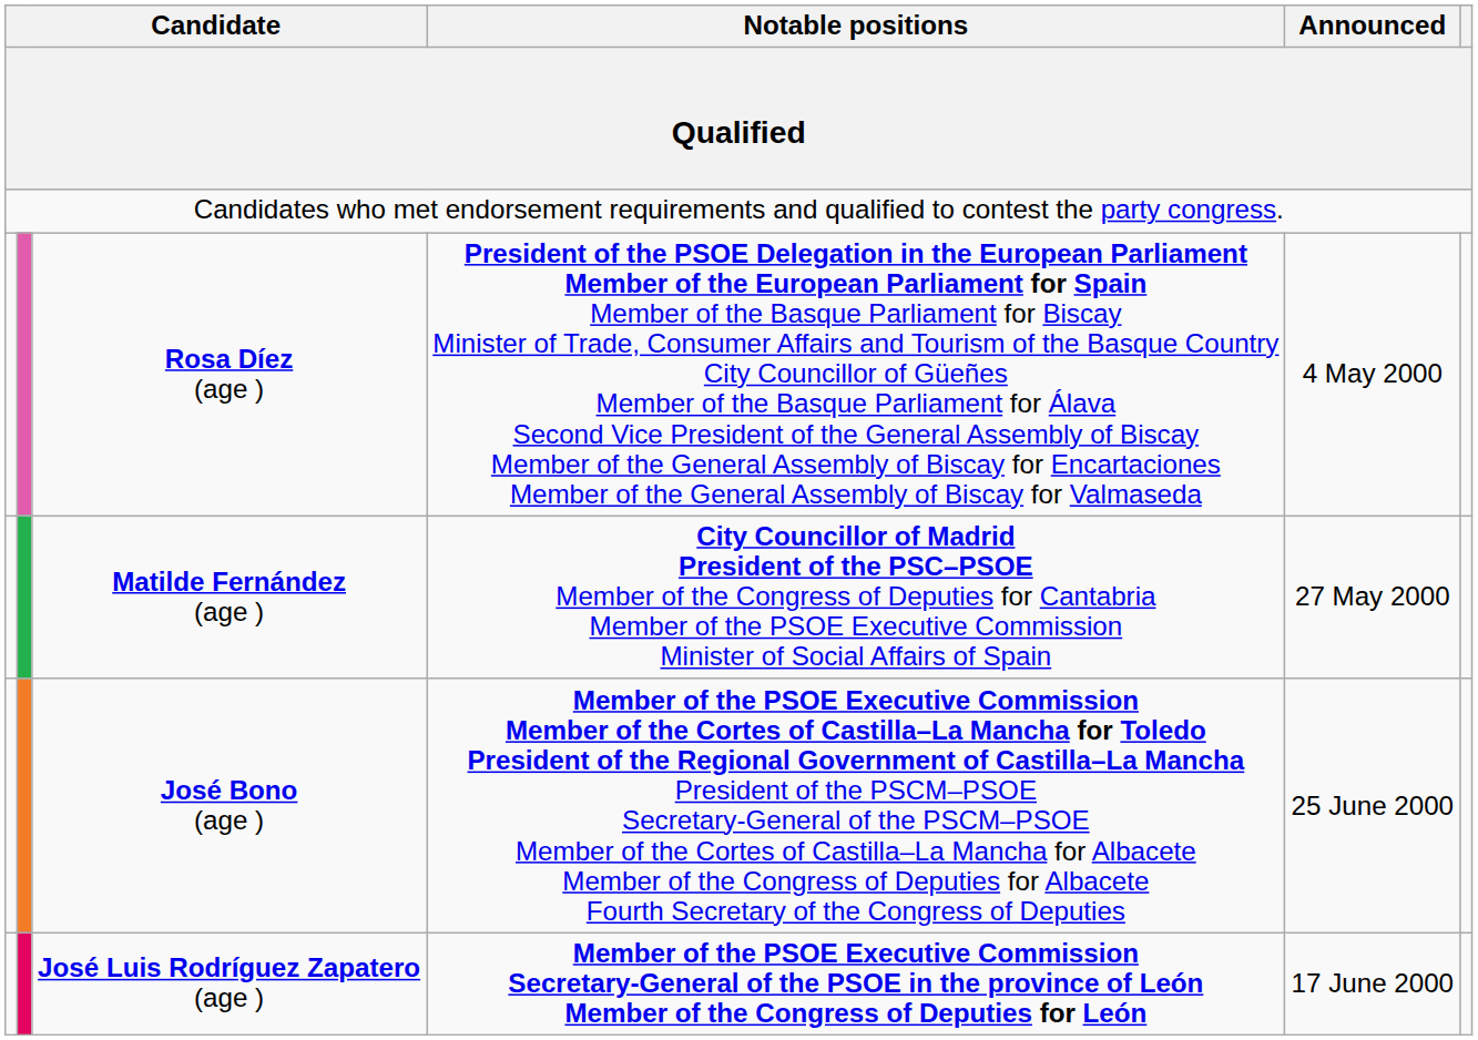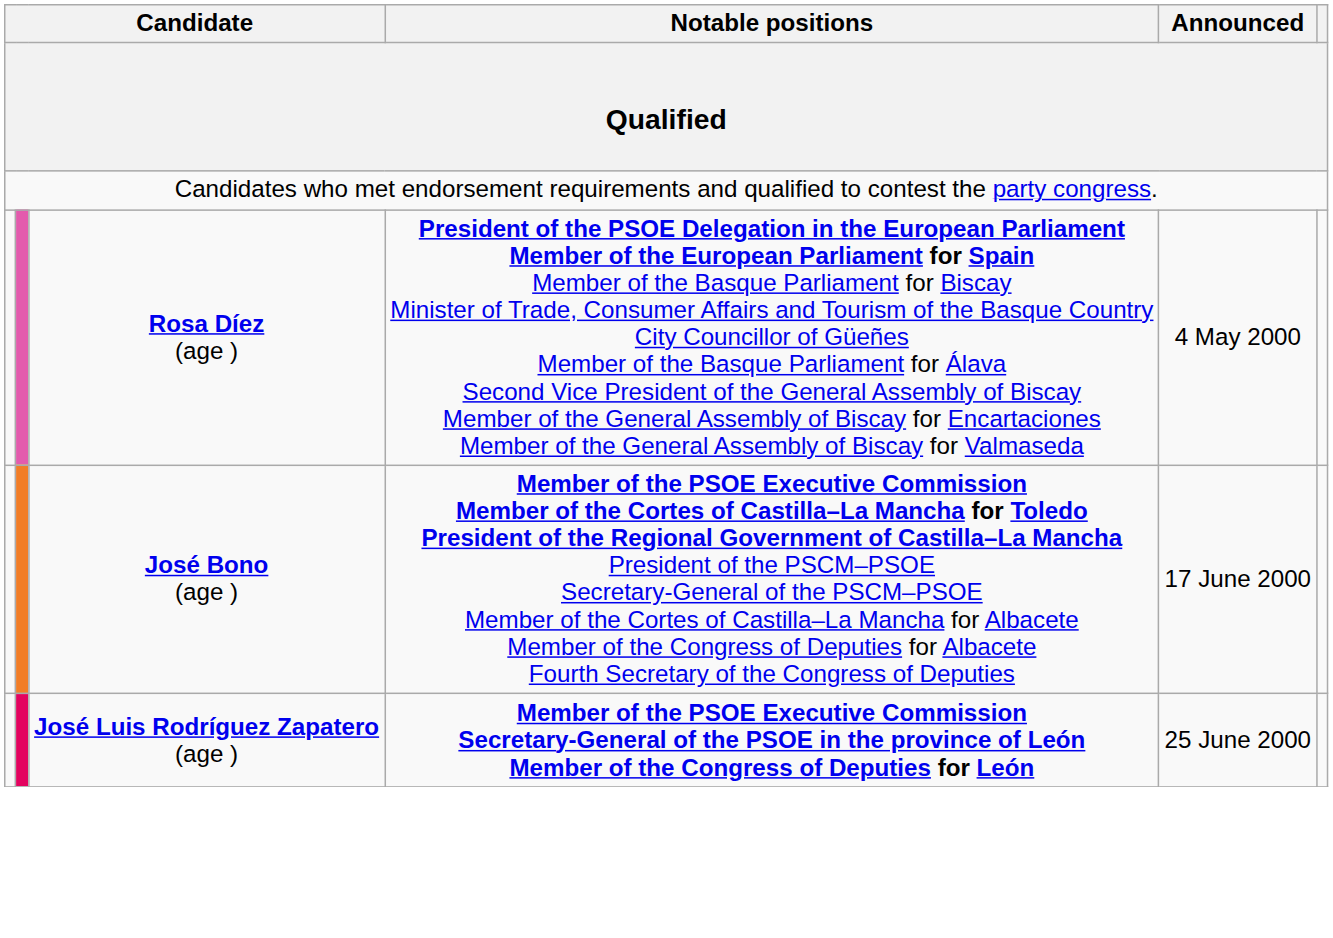 <table class="wikitable" style="text-align:center;">
 <tr>
 <th colspan="3">Candidate</th>
 <th>Notable positions</th>
 <th>Announced</th>
 <th></th>
 </tr>
 <tr>
 <th colspan="6"><br><h3>Qualified</h3></th>
 </tr>
 <tr>
 <td colspan="6">Candidates who met endorsement requirements and qualified to contest the <a href='#'>party congress</a>.</td>
 </tr>
 <tr>
 <td></td>
 <td width="1px" style="color:inherit;background:#E35BAD"></td>
 <td><strong><a href='#'>Rosa Díez</a></strong><br>(age )</td>
 <td><strong><a href='#'>President of the PSOE Delegation in the European Parliament</a> <br><a href='#'>Member of the European Parliament</a> for <a href='#'>Spain</a> </strong><br><a href='#'>Member of the Basque Parliament</a> for <a href='#'>Biscay</a> <br><a href='#'>Minister of Trade, Consumer Affairs and Tourism of the Basque Country</a> <br><a href='#'>City Councillor of Güeñes</a> <br><a href='#'>Member of the Basque Parliament</a> for <a href='#'>Álava</a> <br><a href='#'>Second Vice President of the General Assembly of Biscay</a> <br><a href='#'>Member of the General Assembly of Biscay</a> for <a href='#'>Encartaciones</a> <br><a href='#'>Member of the General Assembly of Biscay</a> for <a href='#'>Valmaseda</a> </td>
 <td>4 May 2000</td>
 <td><br><br></td>
 </tr>
 <tr>
 <td></td>
-<td style="color:inherit;background:#22B14C"></td>
-<td><strong><a href='#'>Matilde Fernández</a></strong><br>(age )</td>
-<td><strong><a href='#'>City Councillor of Madrid</a> <br><a href='#'>President of the PSC–PSOE</a> </strong><br><a href='#'>Member of the Congress of Deputies</a> for <a href='#'>Cantabria</a> <br><a href='#'>Member of the PSOE Executive Commission</a> <br><a href='#'>Minister of Social Affairs of Spain</a> </td>
-<td>27 May 2000</td>
-<td><br><br><br></td>
-</tr>
-<tr>
-<td></td>
 <td style="color:inherit;background:#F27D26"></td>
 <td><strong><a href='#'>José Bono</a></strong><br>(age )</td>
 <td><strong><a href='#'>Member of the PSOE Executive Commission</a> <br><a href='#'>Member of the Cortes of Castilla–La Mancha</a> for <a href='#'>Toledo</a> <br><a href='#'>President of the Regional Government of Castilla–La Mancha</a> </strong><br><a href='#'>President of the PSCM–PSOE</a> <br><a href='#'>Secretary-General of the PSCM–PSOE</a> <br><a href='#'>Member of the Cortes of Castilla–La Mancha</a> for <a href='#'>Albacete</a> <br><a href='#'>Member of the Congress of Deputies</a> for <a href='#'>Albacete</a> <br><a href='#'>Fourth Secretary of the Congress of Deputies</a> </td>
-<td>25 June 2000</td>
+<td>17 June 2000</td>
 <td><br><br></td>
 </tr>
 <tr>
 <td></td>
 <td style="color:inherit;background:#E3035F"></td>
 <td><strong><a href='#'>José Luis Rodríguez Zapatero</a></strong><br>(age )</td>
 <td><strong><a href='#'>Member of the PSOE Executive Commission</a> <br><a href='#'>Secretary-General of the PSOE in the province of León</a> <br><a href='#'>Member of the Congress of Deputies</a> for <a href='#'>León</a> </strong></td>
-<td>17 June 2000</td>
+<td>25 June 2000</td>
 <td></td>
 </tr>
 </table>
